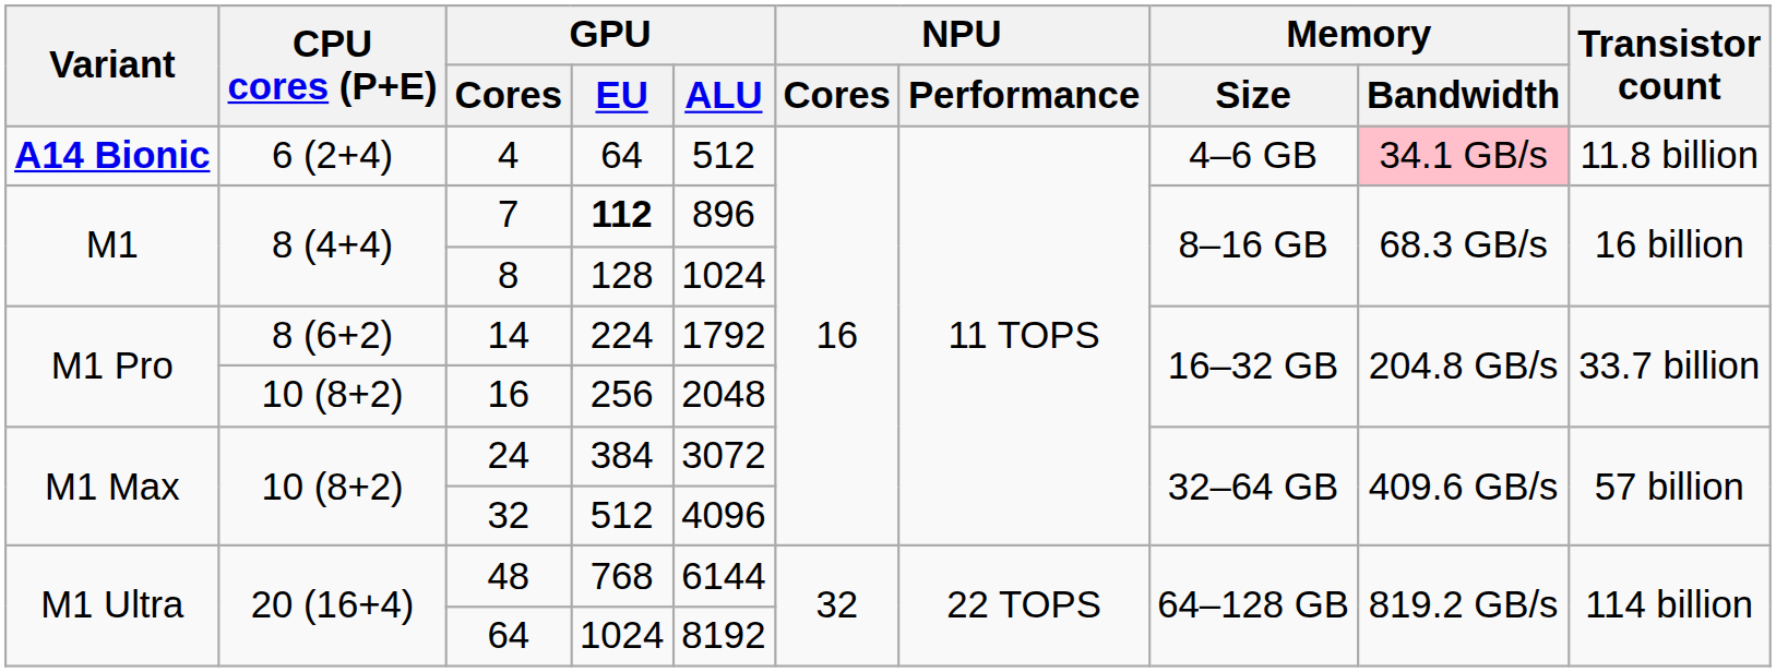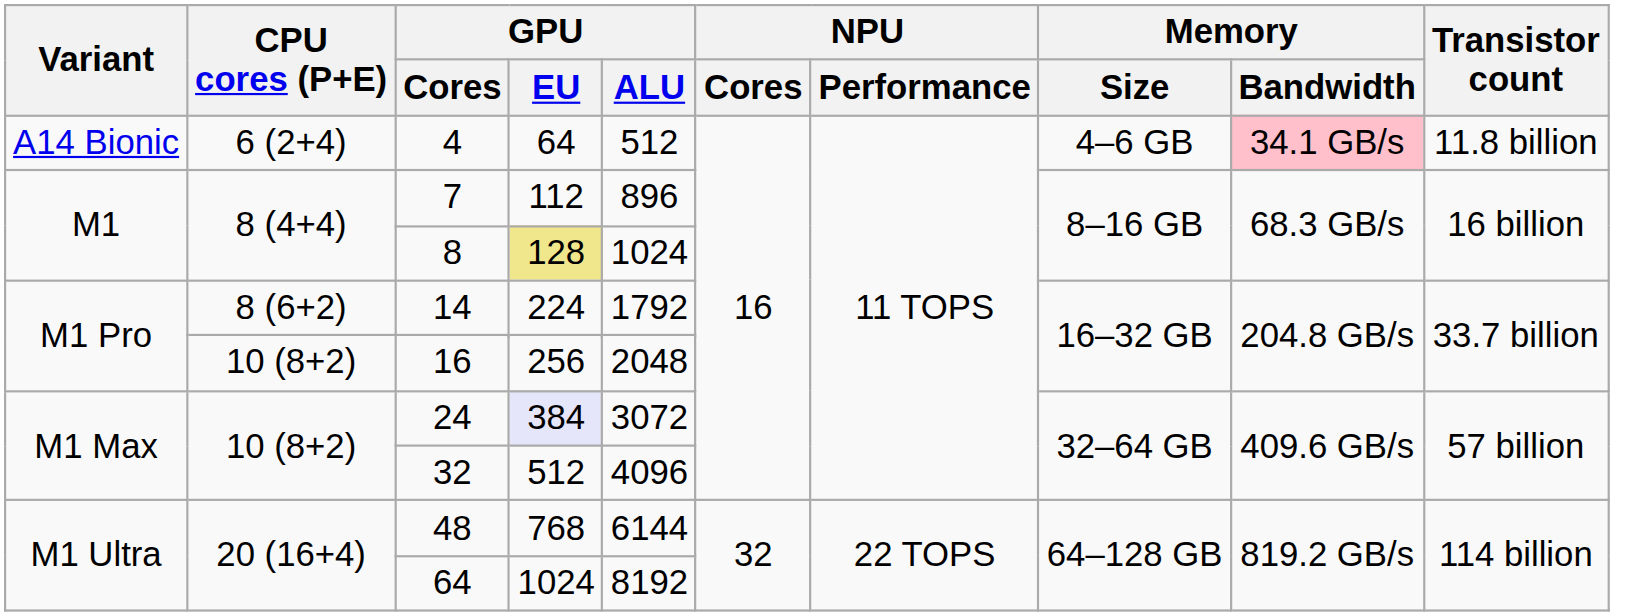 <table class="wikitable sortable" style="text-align: center;">
 <tr>
 <th rowspan="2">Variant</th>
 <th rowspan="2">CPU<br><a href='#'>cores</a> (P+E)</th>
 <th colspan="3">GPU</th>
 <th colspan="2">NPU</th>
 <th colspan="2">Memory</th>
 <th rowspan="2">Transistor<br>count</th>
 </tr>
 <tr>
 <th>Cores</th>
 <th><a href='#'>EU</a></th>
 <th><a href='#'>ALU</a></th>
 <th>Cores</th>
 <th>Performance</th>
 <th>Size</th>
 <th>Bandwidth</th>
 </tr>
 <tr>
-<td><strong><a href='#'>A14 Bionic</a></strong></td>
+<td><a href='#'>A14 Bionic</a></td>
 <td>6 (2+4)</td>
 <td>4</td>
 <td>64</td>
 <td>512</td>
 <td rowspan="8">16</td>
 <td rowspan="8">11 TOPS</td>
 <td>4–6 GB</td>
 <td style="background: pink;">34.1 GB/s</td>
 <td>11.8 billion</td>
 </tr>
 <tr>
 <td rowspan="2">M1</td>
 <td rowspan="2">8 (4+4)</td>
 <td>7</td>
-<td><strong>112</strong></td>
+<td>112</td>
 <td>896</td>
 <td rowspan="2">8–16 GB</td>
 <td rowspan="2">68.3 GB/s</td>
 <td rowspan="2">16 billion</td>
 </tr>
 <tr>
 <td>8</td>
-<td>128</td>
+<td style="background: khaki;">128</td>
 <td>1024</td>
 </tr>
 <tr>
 <td rowspan="3">M1 Pro</td>
 <td>8 (6+2)</td>
 <td rowspan="2">14</td>
 <td rowspan="2">224</td>
 <td rowspan="2">1792</td>
 <td rowspan="3">16–32 GB</td>
 <td rowspan="3">204.8 GB/s</td>
 <td rowspan="3">33.7 billion</td>
 </tr>
 <tr>
 <td rowspan="2">10 (8+2)</td>
 </tr>
 <tr>
 <td>16</td>
 <td>256</td>
 <td>2048</td>
 </tr>
 <tr>
 <td rowspan="2">M1 Max</td>
 <td rowspan="2">10 (8+2)</td>
 <td>24</td>
-<td>384</td>
+<td style="background: lavender;">384</td>
 <td>3072</td>
 <td rowspan="2">32–64 GB</td>
 <td rowspan="2">409.6 GB/s</td>
 <td rowspan="2">57 billion</td>
 </tr>
 <tr>
 <td>32</td>
 <td>512</td>
 <td>4096</td>
 </tr>
 <tr>
 <td rowspan="2">M1 Ultra</td>
 <td rowspan="2">20 (16+4)</td>
 <td>48</td>
 <td>768</td>
 <td>6144</td>
 <td rowspan="2">32</td>
 <td rowspan="2">22 TOPS</td>
 <td rowspan="2">64–128 GB</td>
 <td rowspan="2">819.2 GB/s</td>
 <td rowspan="2">114 billion</td>
 </tr>
 <tr>
 <td>64</td>
 <td>1024</td>
 <td>8192</td>
 </tr>
 </table>
